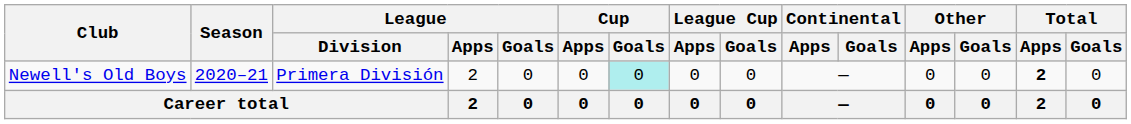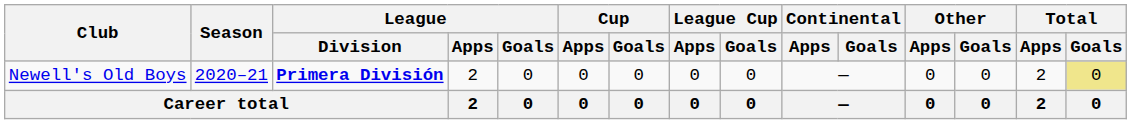 <table class="wikitable" style="text-align:center">
 <tr>
 <th rowspan="2">Club</th>
 <th rowspan="2">Season</th>
 <th colspan="3">League</th>
 <th colspan="2">Cup</th>
 <th colspan="2">League Cup</th>
 <th colspan="2">Continental</th>
 <th colspan="2">Other</th>
 <th colspan="2">Total</th>
 </tr>
 <tr>
 <th>Division</th>
 <th>Apps</th>
 <th>Goals</th>
 <th>Apps</th>
 <th>Goals</th>
 <th>Apps</th>
 <th>Goals</th>
 <th>Apps</th>
 <th>Goals</th>
 <th>Apps</th>
 <th>Goals</th>
 <th>Apps</th>
 <th>Goals</th>
 </tr>
 <tr>
 <td rowspan="1"><a href='#'>Newell's Old Boys</a></td>
 <td><a href='#'>2020–21</a></td>
-<td rowspan="1"><a href='#'>Primera División</a></td>
+<td rowspan="1"><strong><a href='#'>Primera División</a></strong></td>
 <td>2</td>
 <td>0</td>
 <td>0</td>
-<td style="background: paleturquoise;">0</td>
+<td>0</td>
 <td>0</td>
 <td>0</td>
 <td colspan="2">—</td>
 <td>0</td>
 <td>0</td>
-<td><strong>2</strong></td>
-<td>0</td>
+<td>2</td>
+<td style="background: khaki;">0</td>
 </tr>
 <tr>
 <th colspan="3">Career total</th>
 <th>2</th>
 <th>0</th>
 <th>0</th>
 <th>0</th>
 <th>0</th>
 <th>0</th>
 <th colspan="2">—</th>
 <th>0</th>
 <th>0</th>
 <th>2</th>
 <th>0</th>
 </tr>
 </table>
